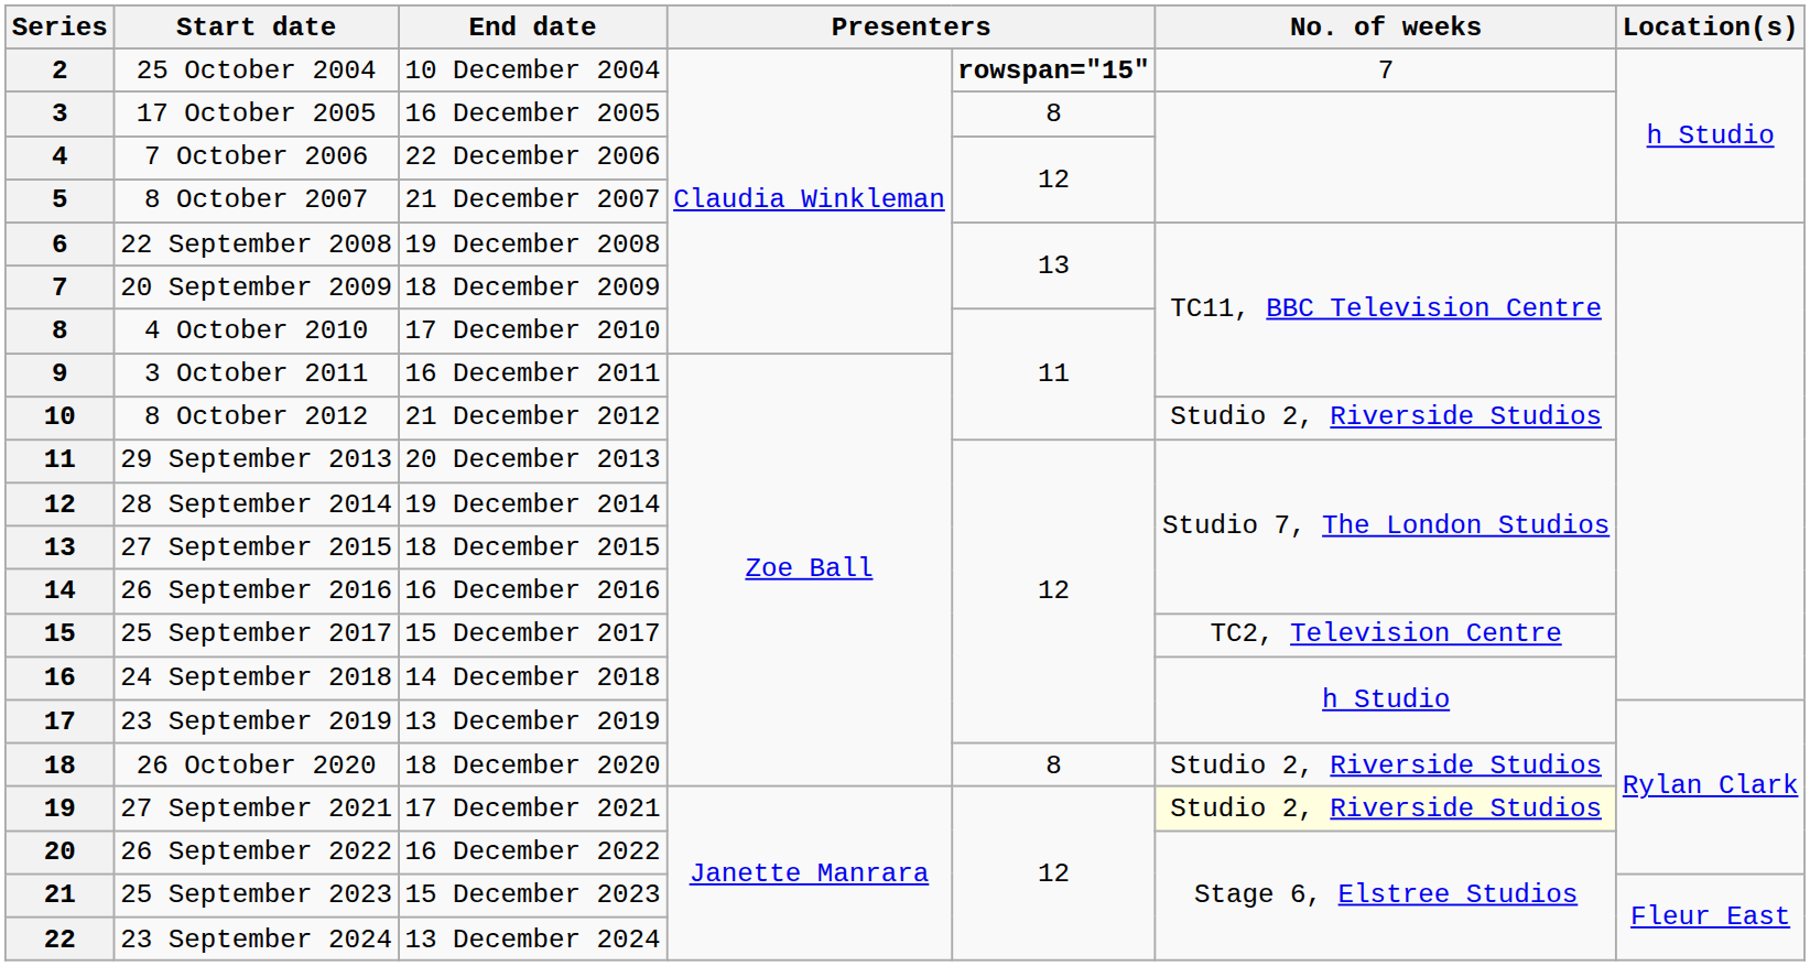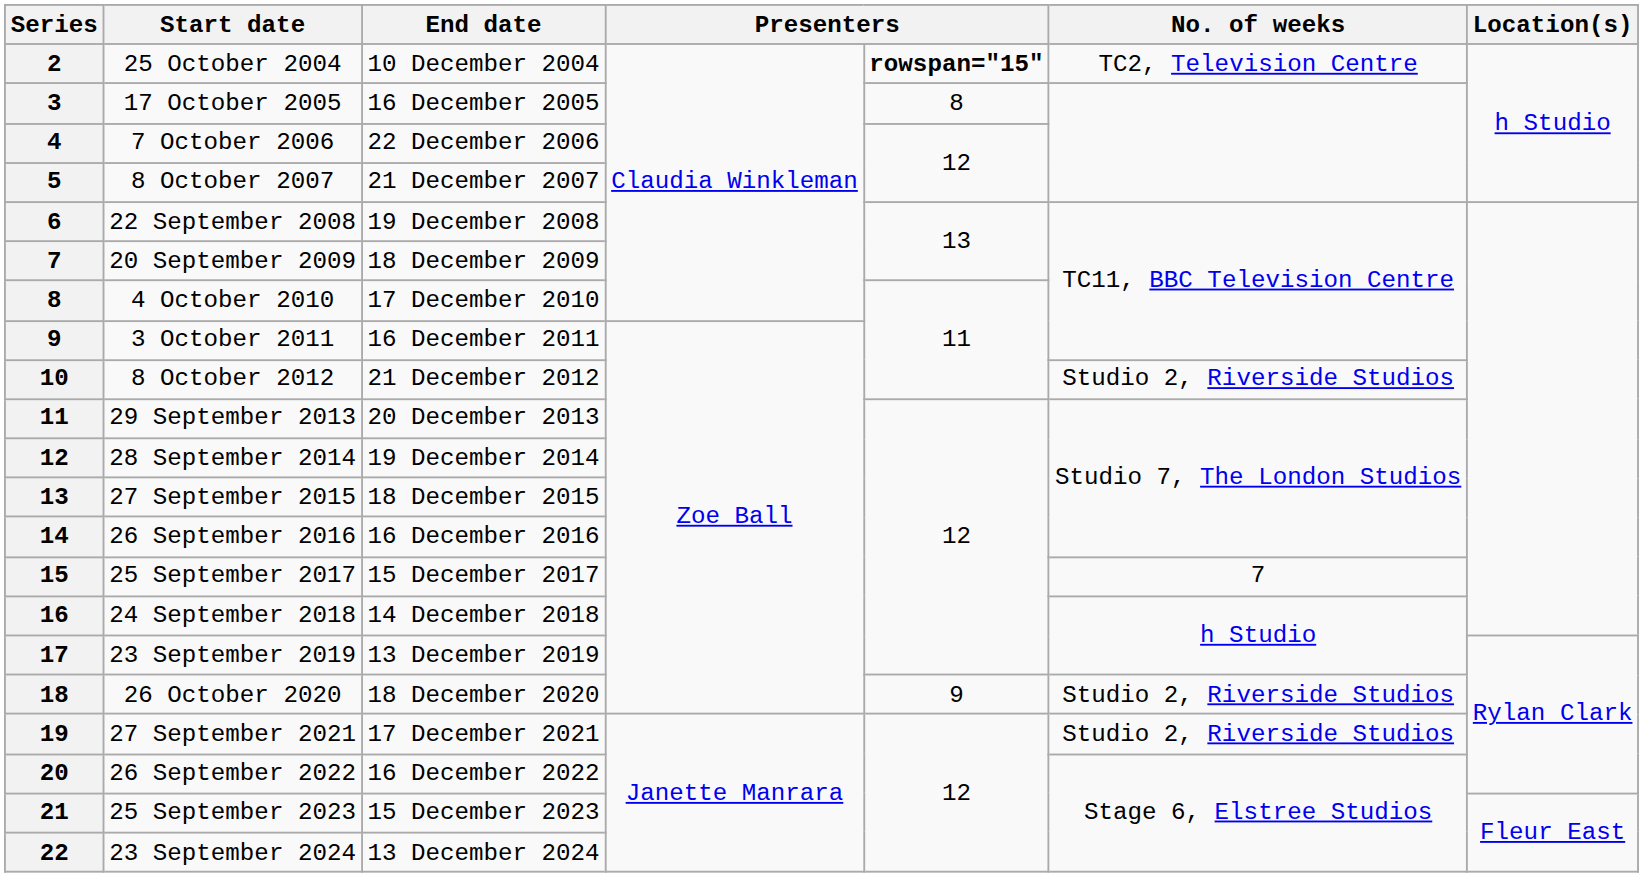 <table class="wikitable" style="text-align:center;">
 <tr>
 <th>Series</th>
 <th>Start date</th>
 <th>End date</th>
 <th colspan="2">Presenters</th>
 <th>No. of weeks</th>
 <th>Location(s)</th>
 </tr>
 <tr>
 <th>2</th>
 <td>25 October 2004</td>
 <td>10 December 2004</td>
 <td rowspan="7"><a href='#'>Claudia Winkleman</a></td>
 <td><strong>rowspan="15" </strong></td>
-<td>7</td>
+<td>TC2, <a href='#'>Television Centre</a></td>
 <td rowspan="4"><a href='#'>h Studio</a></td>
 </tr>
 <tr>
 <th>3</th>
 <td>17 October 2005</td>
 <td>16 December 2005</td>
 <td>8</td>
 </tr>
 <tr>
 <th>4</th>
 <td>7 October 2006</td>
 <td>22 December 2006</td>
 <td rowspan="2">12</td>
 </tr>
 <tr>
 <th>5</th>
 <td>8 October 2007</td>
 <td>21 December 2007</td>
 </tr>
 <tr>
 <th>6</th>
 <td>22 September 2008</td>
 <td>19 December 2008</td>
 <td rowspan="2">13</td>
 <td rowspan="4">TC11, <a href='#'>BBC Television Centre</a></td>
 </tr>
 <tr>
 <th>7</th>
 <td>20 September 2009</td>
 <td>18 December 2009</td>
 </tr>
 <tr>
 <th>8</th>
 <td>4 October 2010</td>
 <td>17 December 2010</td>
 <td rowspan="3">11</td>
 </tr>
 <tr>
 <th>9</th>
 <td>3 October 2011</td>
 <td>16 December 2011</td>
 <td rowspan="10"><a href='#'>Zoe Ball</a></td>
 </tr>
 <tr>
 <th>10</th>
 <td>8 October 2012</td>
 <td>21 December 2012</td>
 <td>Studio 2, <a href='#'>Riverside Studios</a></td>
 </tr>
 <tr>
 <th>11</th>
 <td>29 September 2013</td>
 <td>20 December 2013</td>
 <td rowspan="7">12</td>
 <td rowspan="4">Studio 7, <a href='#'>The London Studios</a></td>
 </tr>
 <tr>
 <th>12</th>
 <td>28 September 2014</td>
 <td>19 December 2014</td>
 </tr>
 <tr>
 <th>13</th>
 <td>27 September 2015</td>
 <td>18 December 2015</td>
 </tr>
 <tr>
 <th>14</th>
 <td>26 September 2016</td>
 <td>16 December 2016</td>
 </tr>
 <tr>
 <th>15</th>
 <td>25 September 2017</td>
 <td>15 December 2017</td>
-<td>TC2, <a href='#'>Television Centre</a></td>
+<td>7</td>
 </tr>
 <tr>
 <th>16</th>
 <td>24 September 2018</td>
 <td>14 December 2018</td>
 <td rowspan="2"><a href='#'>h Studio</a></td>
 </tr>
 <tr>
 <th>17</th>
 <td>23 September 2019</td>
 <td>13 December 2019</td>
 <td rowspan="4"><a href='#'>Rylan Clark</a></td>
 </tr>
 <tr>
 <th>18</th>
 <td>26 October 2020</td>
 <td>18 December 2020</td>
-<td>8</td>
+<td>9</td>
 <td>Studio 2, <a href='#'>Riverside Studios</a></td>
 </tr>
 <tr>
 <th>19</th>
 <td>27 September 2021</td>
 <td>17 December 2021</td>
 <td rowspan="4"><a href='#'>Janette Manrara</a></td>
 <td rowspan="4">12</td>
-<td style="background: lightyellow;">Studio 2, <a href='#'>Riverside Studios</a></td>
+<td>Studio 2, <a href='#'>Riverside Studios</a></td>
 </tr>
 <tr>
 <th>20</th>
 <td>26 September 2022</td>
 <td>16 December 2022</td>
 <td rowspan="3">Stage 6, <a href='#'>Elstree Studios</a></td>
 </tr>
 <tr>
 <th>21</th>
 <td>25 September 2023</td>
 <td>15 December 2023</td>
 <td rowspan="2"><a href='#'>Fleur East</a></td>
 </tr>
 <tr>
 <th>22</th>
 <td>23 September 2024</td>
 <td>13 December 2024</td>
 </tr>
 </table>
